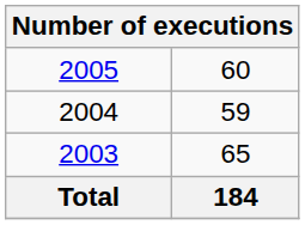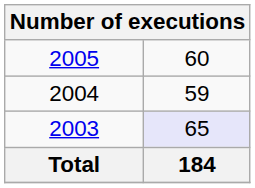 <table class="wikitable" style="text-align:center;">
 <tr>
 <th colspan="2">Number of executions</th>
 </tr>
 <tr>
 <td><a href='#'>2005</a></td>
 <td>60</td>
 </tr>
 <tr>
 <td>2004</td>
 <td>59</td>
 </tr>
 <tr>
 <td><a href='#'>2003</a></td>
-<td>65</td>
+<td style="background: lavender;">65</td>
 </tr>
 <tr>
 <th>Total</th>
 <th>184</th>
 </tr>
 <tr>
 </tr>
 </table>
